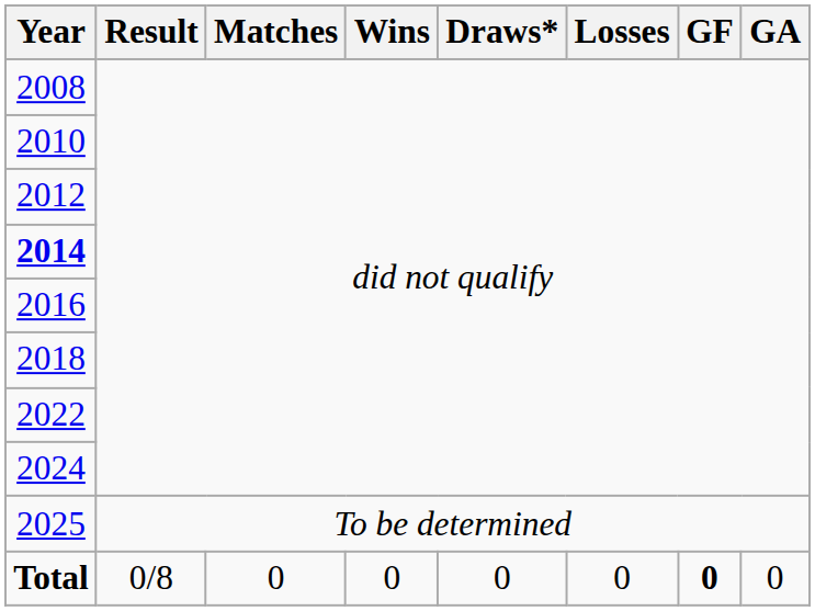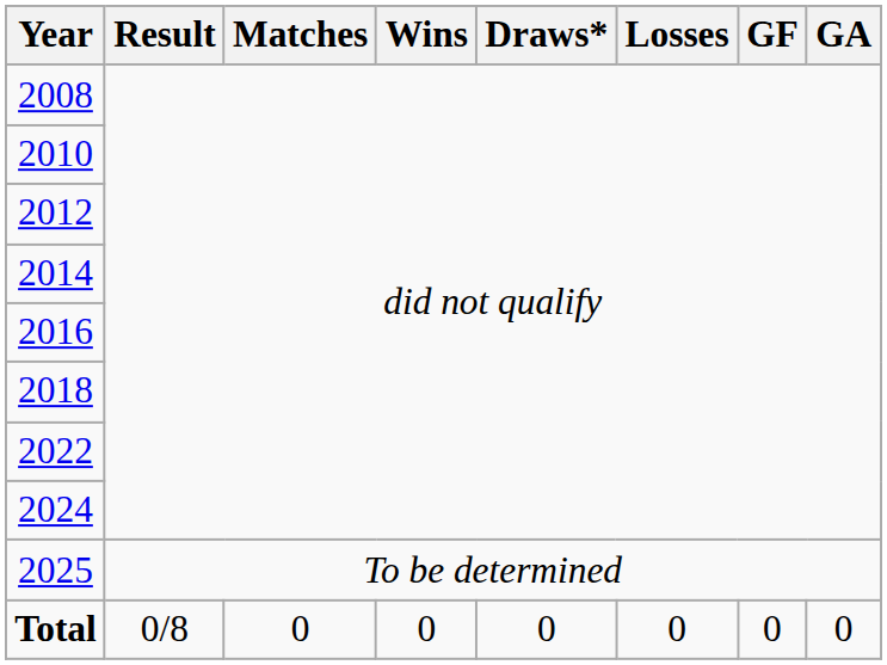 <table class="wikitable" style="text-align: center;">
 <tr>
 <th>Year</th>
 <th>Result</th>
 <th>Matches</th>
 <th>Wins</th>
 <th>Draws*</th>
 <th>Losses</th>
 <th>GF</th>
 <th>GA</th>
 </tr>
 <tr>
 <td> <a href='#'>2008</a></td>
 <td colspan=7 rowspan=8><em>did not qualify</em></td>
 </tr>
 <tr>
 <td> <a href='#'>2010</a></td>
 </tr>
 <tr>
 <td> <a href='#'>2012</a></td>
 </tr>
 <tr>
-<td><strong> <a href='#'>2014</a></strong></td>
+<td> <a href='#'>2014</a></td>
 </tr>
 <tr>
 <td> <a href='#'>2016</a></td>
 </tr>
 <tr>
 <td> <a href='#'>2018</a></td>
 </tr>
 <tr>
 <td> <a href='#'>2022</a></td>
 </tr>
 <tr>
 <td> <a href='#'>2024</a></td>
 </tr>
 <tr>
 <td> <a href='#'>2025</a></td>
 <td colspan=7><em>To be determined</em></td>
 </tr>
 <tr>
 <td><strong>Total</strong></td>
 <td>0/8</td>
 <td>0</td>
 <td>0</td>
 <td>0</td>
 <td>0</td>
-<td><strong>0</strong></td>
+<td>0</td>
 <td>0</td>
 </tr>
 </table>
